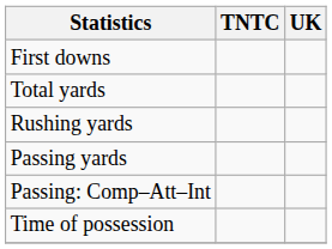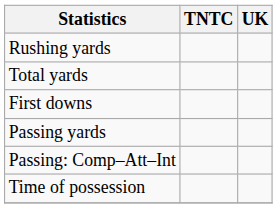 <table class="wikitable" style="float: left;">
 <tr>
 <th>Statistics</th>
 <th>TNTC</th>
 <th>UK</th>
 </tr>
 <tr>
-<td>First downs</td>
+<td>Rushing yards</td>
 <td></td>
 <td></td>
 </tr>
 <tr>
 <td>Total yards</td>
 <td></td>
 <td></td>
 </tr>
 <tr>
-<td>Rushing yards</td>
+<td>First downs</td>
 <td></td>
 <td></td>
 </tr>
 <tr>
 <td>Passing yards</td>
 <td></td>
 <td></td>
 </tr>
 <tr>
 <td>Passing: Comp–Att–Int</td>
 <td></td>
 <td></td>
 </tr>
 <tr>
 <td>Time of possession</td>
 <td></td>
 <td></td>
 </tr>
 <tr>
 </tr>
 </table>
